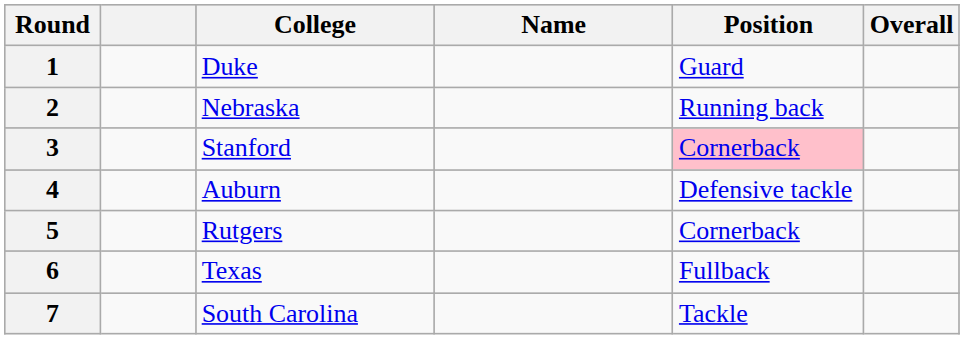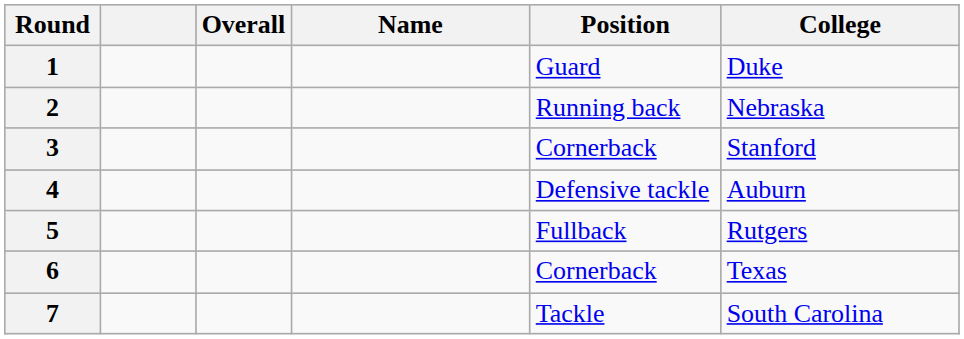 <table class="wikitable sortable">
 <tr>
 <th scope="col" style="width: 10%;">Round</th>
 <th scope="col" style="width: 10%;"></th>
-<th scope="col" style="width: 25%;">College</th>
+<th scope="col" style="width: 10%;">Overall</th>
 <th scope="col" style="width: 25%;">Name</th>
 <th scope="col" style="width: 20%;">Position</th>
-<th scope="col" style="width: 10%;">Overall</th>
+<th scope="col" style="width: 25%;">College</th>
 </tr>
 <tr>
 <th scope="row">1</th>
 <td></td>
-<td><a href='#'>Duke</a></td>
+<td></td>
 <td></td>
 <td><a href='#'>Guard</a></td>
-<td></td>
+<td><a href='#'>Duke</a></td>
 </tr>
 <tr>
 <th scope="row">2</th>
 <td></td>
-<td><a href='#'>Nebraska</a></td>
+<td></td>
 <td></td>
 <td><a href='#'>Running back</a></td>
-<td></td>
+<td><a href='#'>Nebraska</a></td>
 </tr>
 <tr>
 <th scope="row">3</th>
 <td></td>
+<td></td>
+<td></td>
+<td><a href='#'>Cornerback</a></td>
 <td><a href='#'>Stanford</a></td>
-<td></td>
-<td style="background: pink;"><a href='#'>Cornerback</a></td>
-<td></td>
 </tr>
 <tr>
 <th scope="row">4</th>
 <td></td>
-<td><a href='#'>Auburn</a></td>
+<td></td>
 <td></td>
 <td><a href='#'>Defensive tackle</a></td>
-<td></td>
+<td><a href='#'>Auburn</a></td>
 </tr>
 <tr>
 <th scope="row">5</th>
 <td></td>
+<td></td>
+<td></td>
+<td><a href='#'>Fullback</a></td>
 <td><a href='#'>Rutgers</a></td>
-<td></td>
-<td><a href='#'>Cornerback</a></td>
-<td></td>
 </tr>
 <tr>
 <th scope="row">6</th>
 <td></td>
+<td></td>
+<td></td>
+<td><a href='#'>Cornerback</a></td>
 <td><a href='#'>Texas</a></td>
-<td></td>
-<td><a href='#'>Fullback</a></td>
-<td></td>
 </tr>
 <tr>
 <th scope="row">7</th>
 <td></td>
-<td><a href='#'>South Carolina</a></td>
+<td></td>
 <td></td>
 <td><a href='#'>Tackle</a></td>
-<td></td>
+<td><a href='#'>South Carolina</a></td>
 </tr>
 </table>
